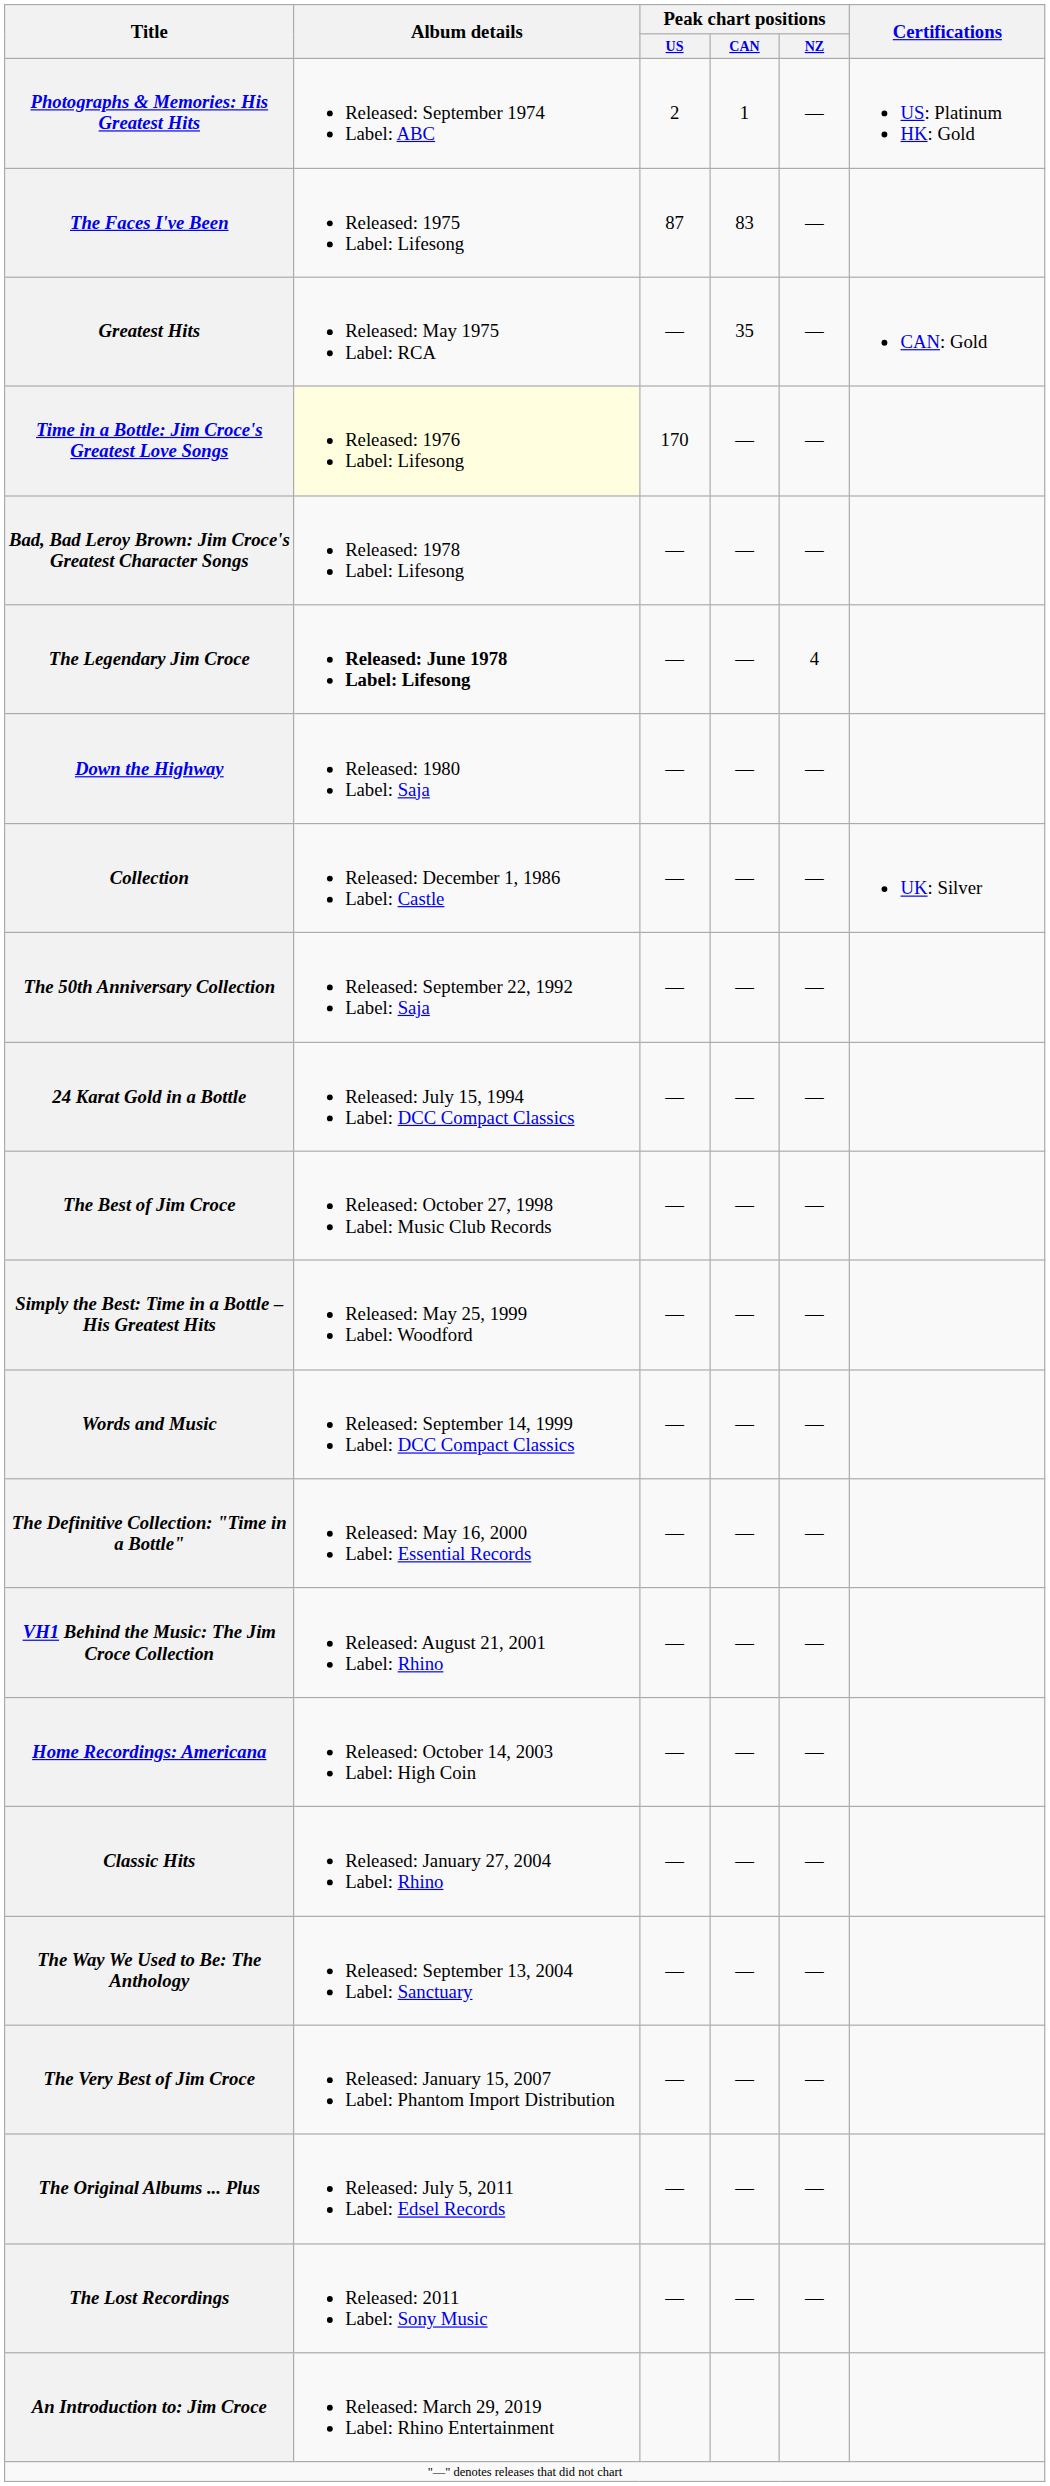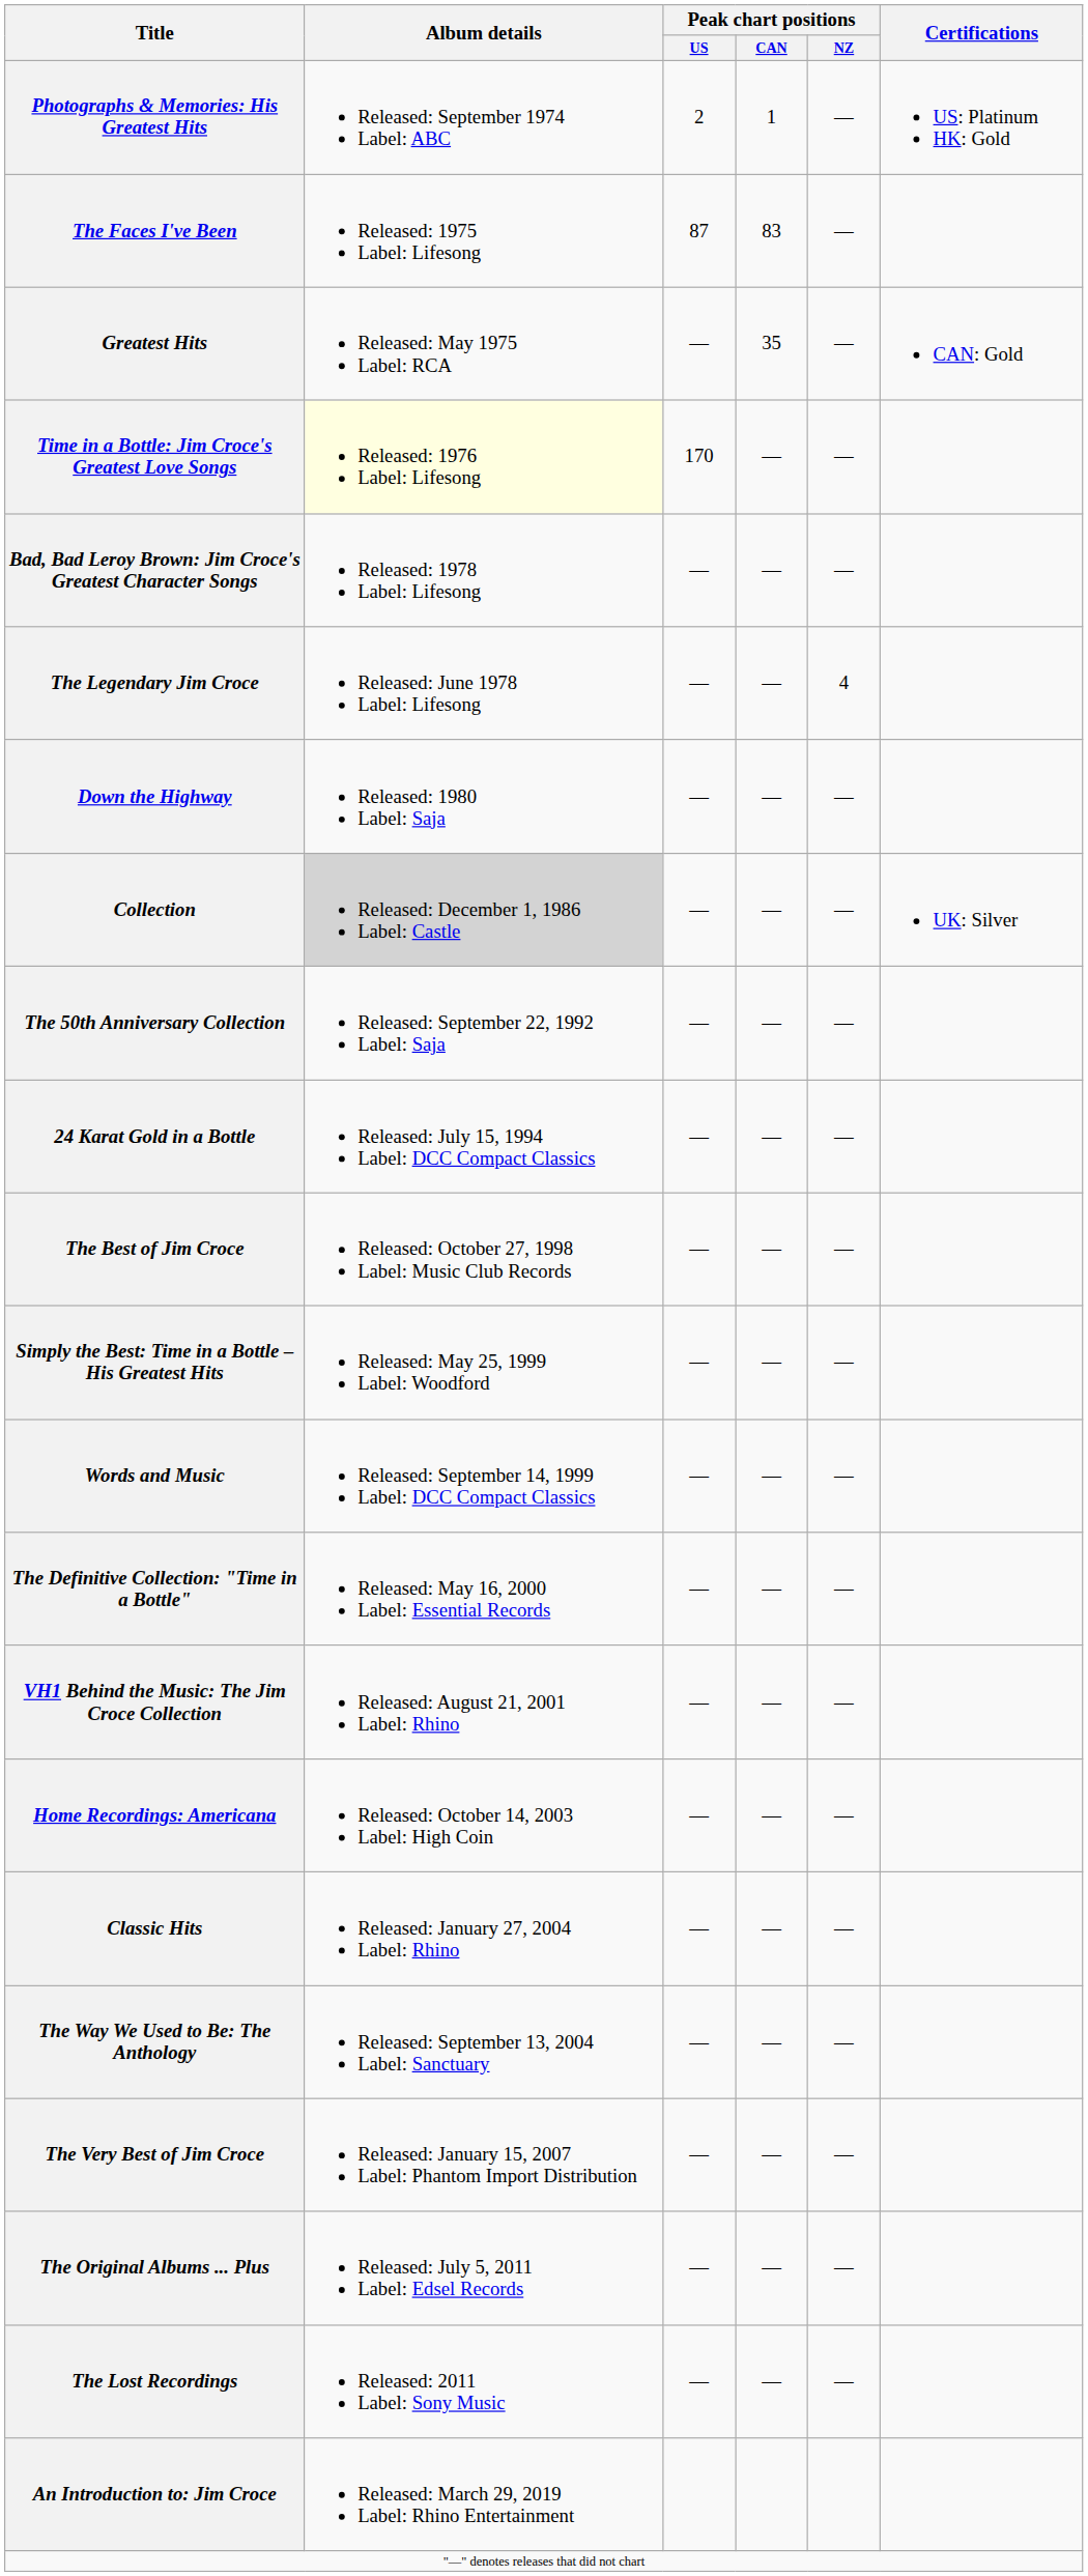 <table class="wikitable plainrowheaders" style="text-align:center;">
 <tr>
 <th scope="col" rowspan="2" style="width:15em;">Title</th>
 <th scope="col" rowspan="2" style="width:18em;">Album details</th>
 <th scope="col" colspan="3">Peak chart positions</th>
 <th scope="col" rowspan="2" style="width:10em;"><a href='#'>Certifications</a></th>
 </tr>
 <tr>
 <th scope="col" style="width:4.5em;font-size:75%;"><a href='#'>US</a><br></th>
 <th scope="col" style="width:4.5em;font-size:75%;"><a href='#'>CAN</a><br></th>
 <th scope="col" style="width:4.5em;font-size:75%;"><a href='#'>NZ</a><br></th>
 </tr>
 <tr>
 <th scope="row"><em><a href='#'>Photographs & Memories: His Greatest Hits</a></em></th>
 <td style="text-align:left;"><br><ul><li>Released: September 1974</li><li>Label: <a href='#'>ABC</a></li></ul></td>
 <td>2</td>
 <td>1</td>
 <td>—</td>
 <td style="text-align:left;"><br><ul><li><a href='#'>US</a>: Platinum</li><li><a href='#'>HK</a>: Gold</li></ul></td>
 </tr>
 <tr>
 <th scope="row"><em><a href='#'>The Faces I've Been</a></em></th>
 <td style="text-align:left;"><br><ul><li>Released: 1975</li><li>Label: Lifesong</li></ul></td>
 <td>87</td>
 <td>83</td>
 <td>—</td>
 <td></td>
 </tr>
 <tr>
 <th scope="row"><em>Greatest Hits</em></th>
 <td style="text-align:left;"><br><ul><li>Released: May 1975</li><li>Label: RCA</li></ul></td>
 <td>—</td>
 <td>35</td>
 <td>—</td>
 <td style="text-align:left;"><br><ul><li><a href='#'>CAN</a>: Gold</li></ul></td>
 </tr>
 <tr>
 <th scope="row"><em><a href='#'>Time in a Bottle: Jim Croce's Greatest Love Songs</a></em></th>
 <td style="background: lightyellow; text-align:left;"><br><ul><li>Released: 1976</li><li>Label: Lifesong</li></ul></td>
 <td>170</td>
 <td>—</td>
 <td>—</td>
 <td></td>
 </tr>
 <tr>
 <th scope="row"><em>Bad, Bad Leroy Brown: Jim Croce's Greatest Character Songs</em></th>
 <td style="text-align:left;"><br><ul><li>Released: 1978</li><li>Label: Lifesong</li></ul></td>
 <td>—</td>
 <td>—</td>
 <td>—</td>
 <td></td>
 </tr>
 <tr>
 <th scope="row"><em>The Legendary Jim Croce</em></th>
-<td style="text-align:left;"><strong><br><ul><li>Released: June 1978</li><li>Label: Lifesong</li></ul></strong></td>
+<td style="text-align:left;"><br><ul><li>Released: June 1978</li><li>Label: Lifesong</li></ul></td>
 <td>—</td>
 <td>—</td>
 <td>4</td>
 <td></td>
 </tr>
 <tr>
 <th scope="row"><em><a href='#'>Down the Highway</a></em></th>
 <td style="text-align:left;"><br><ul><li>Released: 1980</li><li>Label: <a href='#'>Saja</a></li></ul></td>
 <td>—</td>
 <td>—</td>
 <td>—</td>
 <td></td>
 </tr>
 <tr>
 <th scope="row"><em>Collection</em></th>
-<td style="text-align:left;"><br><ul><li>Released: December 1, 1986</li><li>Label: <a href='#'>Castle</a></li></ul></td>
+<td style="background: lightgrey; text-align:left;"><br><ul><li>Released: December 1, 1986</li><li>Label: <a href='#'>Castle</a></li></ul></td>
 <td>—</td>
 <td>—</td>
 <td>—</td>
 <td style="text-align:left;"><br><ul><li><a href='#'>UK</a>: Silver</li></ul></td>
 </tr>
 <tr>
 <th scope="row"><em>The 50th Anniversary Collection </em></th>
 <td style="text-align:left;"><br><ul><li>Released: September 22, 1992</li><li>Label: <a href='#'>Saja</a></li></ul></td>
 <td>—</td>
 <td>—</td>
 <td>—</td>
 <td></td>
 </tr>
 <tr>
 <th scope="row"><em>24 Karat Gold in a Bottle</em></th>
 <td style="text-align:left;"><br><ul><li>Released: July 15, 1994</li><li>Label: <a href='#'>DCC Compact Classics</a></li></ul></td>
 <td>—</td>
 <td>—</td>
 <td>—</td>
 <td></td>
 </tr>
 <tr>
 <th scope="row"><em>The Best of Jim Croce</em></th>
 <td style="text-align:left;"><br><ul><li>Released: October 27, 1998</li><li>Label: Music Club Records</li></ul></td>
 <td>—</td>
 <td>—</td>
 <td>—</td>
 <td></td>
 </tr>
 <tr>
 <th scope="row"><em>Simply the Best: Time in a Bottle – His Greatest Hits</em></th>
 <td style="text-align:left;"><br><ul><li>Released: May 25, 1999</li><li>Label: Woodford</li></ul></td>
 <td>—</td>
 <td>—</td>
 <td>—</td>
 <td></td>
 </tr>
 <tr>
 <th scope="row"><em>Words and Music</em></th>
 <td style="text-align:left;"><br><ul><li>Released: September 14, 1999</li><li>Label: <a href='#'>DCC Compact Classics</a></li></ul></td>
 <td>—</td>
 <td>—</td>
 <td>—</td>
 <td></td>
 </tr>
 <tr>
 <th scope="row"><em>The Definitive Collection: "Time in a Bottle" </em></th>
 <td style="text-align:left;"><br><ul><li>Released: May 16, 2000</li><li>Label: <a href='#'>Essential Records</a></li></ul></td>
 <td>—</td>
 <td>—</td>
 <td>—</td>
 <td></td>
 </tr>
 <tr>
 <th scope="row"><em><a href='#'>VH1</a> Behind the Music: The Jim Croce Collection</em></th>
 <td style="text-align:left;"><br><ul><li>Released: August 21, 2001</li><li>Label: <a href='#'>Rhino</a></li></ul></td>
 <td>—</td>
 <td>—</td>
 <td>—</td>
 <td></td>
 </tr>
 <tr>
 <th scope="row"><em><a href='#'>Home Recordings: Americana</a></em></th>
 <td style="text-align:left;"><br><ul><li>Released: October 14, 2003</li><li>Label: High Coin</li></ul></td>
 <td>—</td>
 <td>—</td>
 <td>—</td>
 <td></td>
 </tr>
 <tr>
 <th scope="row"><em>Classic Hits</em></th>
 <td style="text-align:left;"><br><ul><li>Released: January 27, 2004</li><li>Label: <a href='#'>Rhino</a></li></ul></td>
 <td>—</td>
 <td>—</td>
 <td>—</td>
 <td></td>
 </tr>
 <tr>
 <th scope="row"><em>The Way We Used to Be: The Anthology</em></th>
 <td style="text-align:left;"><br><ul><li>Released: September 13, 2004</li><li>Label: <a href='#'>Sanctuary</a></li></ul></td>
 <td>—</td>
 <td>—</td>
 <td>—</td>
 <td></td>
 </tr>
 <tr>
 <th scope="row"><em>The Very Best of Jim Croce</em></th>
 <td style="text-align:left;"><br><ul><li>Released: January 15, 2007</li><li>Label: Phantom Import Distribution</li></ul></td>
 <td>—</td>
 <td>—</td>
 <td>—</td>
 <td></td>
 </tr>
 <tr>
 <th scope="row"><em>The Original Albums ... Plus </em></th>
 <td style="text-align:left;"><br><ul><li>Released: July 5, 2011</li><li>Label: <a href='#'>Edsel Records</a></li></ul></td>
 <td>—</td>
 <td>—</td>
 <td>—</td>
 <td></td>
 </tr>
 <tr>
 <th scope="row"><em>The Lost Recordings </em></th>
 <td style="text-align:left;"><br><ul><li>Released: 2011</li><li>Label: <a href='#'>Sony Music</a></li></ul></td>
 <td>—</td>
 <td>—</td>
 <td>—</td>
 <td></td>
 </tr>
 <tr>
 <th scope="row"><em>An Introduction to: Jim Croce</em></th>
 <td style="text-align:left;"><br><ul><li>Released: March 29, 2019</li><li>Label: Rhino Entertainment</li></ul></td>
 <td></td>
 <td></td>
 <td></td>
 <td></td>
 </tr>
 <tr>
 <td colspan="8" style="font-size:8pt">"—" denotes releases that did not chart</td>
 </tr>
 </table>
